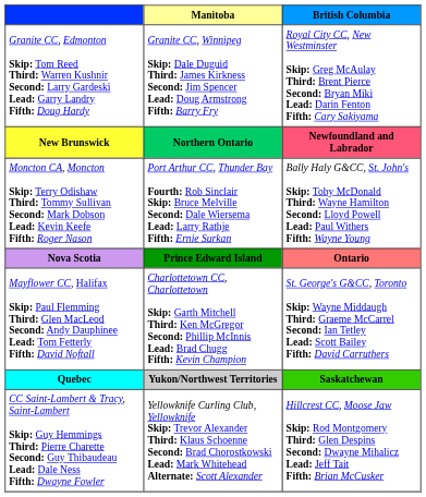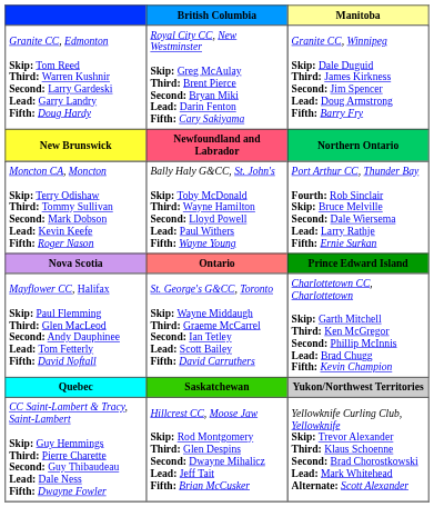 <table border=1 cellpadding=5 cellspacing=0>
 <tr>
 <th bgcolor=#0033ff width=200></th>
+<th bgcolor=#0099ff width=200>British Columbia</th>
 <th bgcolor=#ffff99 width=200>Manitoba</th>
-<th bgcolor=#0099ff width=200>British Columbia</th>
 </tr>
 <tr>
 <td><em><a href='#'>Granite CC</a>, <a href='#'>Edmonton</a></em><br><br><strong>Skip:</strong> <a href='#'>Tom Reed</a> <br> <strong>Third:</strong> <a href='#'>Warren Kushnir</a> <br> <strong>Second:</strong> <a href='#'>Larry Gardeski</a> <br> <strong>Lead:</strong> <a href='#'>Garry Landry</a> <br> <strong>Fifth:</strong> <em><a href='#'>Doug Hardy</a></em></td>
+<td align=left><em><a href='#'>Royal City CC</a>, <a href='#'>New Westminster</a></em><br><br><strong>Skip:</strong> <a href='#'>Greg McAulay</a><br> <strong>Third:</strong> <a href='#'>Brent Pierce</a><br> <strong>Second:</strong> <a href='#'>Bryan Miki</a><br> <strong>Lead:</strong> <a href='#'>Darin Fenton</a><br> <strong>Fifth:</strong> <em><a href='#'>Cary Sakiyama</a></em></td>
 <td><em><a href='#'>Granite CC</a>, <a href='#'>Winnipeg</a></em><br><br><strong>Skip:</strong> <a href='#'>Dale Duguid</a> <br> <strong>Third:</strong> <a href='#'>James Kirkness</a> <br> <strong>Second:</strong> <a href='#'>Jim Spencer</a> <br> <strong>Lead:</strong> <a href='#'>Doug Armstrong</a> <br> <strong>Fifth:</strong> <em><a href='#'>Barry Fry</a></em></td>
-<td align=left><em><a href='#'>Royal City CC</a>, <a href='#'>New Westminster</a></em><br><br><strong>Skip:</strong> <a href='#'>Greg McAulay</a><br> <strong>Third:</strong> <a href='#'>Brent Pierce</a><br> <strong>Second:</strong> <a href='#'>Bryan Miki</a><br> <strong>Lead:</strong> <a href='#'>Darin Fenton</a><br> <strong>Fifth:</strong> <em><a href='#'>Cary Sakiyama</a></em></td>
 </tr>
 <tr border=1 cellpadding=5 cellspacing=0>
 <th bgcolor=#ffff33 width=200>New Brunswick</th>
+<th bgcolor=#ff5577 width=200>Newfoundland and Labrador</th>
 <th bgcolor=#00CC66 width=200>Northern Ontario</th>
-<th bgcolor=#ff5577 width=200>Newfoundland and Labrador</th>
 </tr>
 <tr>
 <td><em><a href='#'>Moncton CA</a>, <a href='#'>Moncton</a></em><br><br><strong>Skip:</strong> <a href='#'>Terry Odishaw</a><br> <strong>Third:</strong> <a href='#'>Tommy Sullivan</a><br> <strong>Second:</strong> <a href='#'>Mark Dobson</a><br> <strong>Lead:</strong> <a href='#'>Kevin Keefe</a><br> <strong>Fifth:</strong> <em><a href='#'>Roger Nason</a></em></td>
+<td><em>Bally Haly G&CC, <a href='#'>St. John's</a></em><br><br><strong>Skip:</strong> <a href='#'>Toby McDonald</a><br>    <strong>Third:</strong> <a href='#'>Wayne Hamilton</a><br> <strong>Second:</strong> <a href='#'>Lloyd Powell</a><br> <strong>Lead:</strong> <a href='#'>Paul Withers</a><br> <strong>Fifth:</strong> <em><a href='#'>Wayne Young</a></em></td>
 <td><em><a href='#'>Port Arthur CC</a>, <a href='#'>Thunder Bay</a></em><br><br><strong>Fourth:</strong> <a href='#'>Rob Sinclair</a><br> <strong>Skip:</strong> <a href='#'>Bruce Melville</a><br>    <strong>Second:</strong> <a href='#'>Dale Wiersema</a><br> <strong>Lead:</strong> <a href='#'>Larry Rathje</a><br> <strong>Fifth:</strong> <em><a href='#'>Ernie Surkan</a></em></td>
-<td><em>Bally Haly G&CC, <a href='#'>St. John's</a></em><br><br><strong>Skip:</strong> <a href='#'>Toby McDonald</a><br>    <strong>Third:</strong> <a href='#'>Wayne Hamilton</a><br> <strong>Second:</strong> <a href='#'>Lloyd Powell</a><br> <strong>Lead:</strong> <a href='#'>Paul Withers</a><br> <strong>Fifth:</strong> <em><a href='#'>Wayne Young</a></em></td>
 </tr>
 <tr border=1 cellpadding=5 cellspacing=0>
 <th bgcolor=#cc99ee width=200>Nova Scotia</th>
+<th bgcolor=#ff7777 width=200>Ontario</th>
 <th bgcolor=#009900 width=200>Prince Edward Island</th>
-<th bgcolor=#ff7777 width=200>Ontario</th>
 </tr>
 <tr>
 <td><em><a href='#'>Mayflower CC</a></em>, <a href='#'>Halifax</a><br><br><strong>Skip:</strong> <a href='#'>Paul Flemming</a><br> <strong>Third:</strong> <a href='#'>Glen MacLeod</a><br> <strong>Second:</strong> <a href='#'>Andy Dauphinee</a><br> <strong>Lead:</strong> <a href='#'>Tom Fetterly</a><br> <strong>Fifth:</strong> <em><a href='#'>David Noftall</a></em></td>
+<td><em><a href='#'>St. George's G&CC</a>, <a href='#'>Toronto</a></em><br><br><strong>Skip:</strong> <a href='#'>Wayne Middaugh</a> <br> <strong>Third:</strong> <a href='#'>Graeme McCarrel</a> <br> <strong>Second:</strong> <a href='#'>Ian Tetley</a> <br> <strong>Lead:</strong> <a href='#'>Scott Bailey</a><br> <strong>Fifth:</strong> <em><a href='#'>David Carruthers</a></em></td>
 <td><em><a href='#'>Charlottetown CC</a>, <a href='#'>Charlottetown</a></em><br><br><strong>Skip:</strong> <a href='#'>Garth Mitchell</a> <br> <strong>Third:</strong> <a href='#'>Ken McGregor</a><br> <strong>Second:</strong> <a href='#'>Phillip McInnis</a><br> <strong>Lead:</strong> <a href='#'>Brad Chugg</a><br> <strong>Fifth:</strong> <em><a href='#'>Kevin Champion</a></em></td>
-<td><em><a href='#'>St. George's G&CC</a>, <a href='#'>Toronto</a></em><br><br><strong>Skip:</strong> <a href='#'>Wayne Middaugh</a> <br> <strong>Third:</strong> <a href='#'>Graeme McCarrel</a> <br> <strong>Second:</strong> <a href='#'>Ian Tetley</a> <br> <strong>Lead:</strong> <a href='#'>Scott Bailey</a><br> <strong>Fifth:</strong> <em><a href='#'>David Carruthers</a></em></td>
 </tr>
 <tr border=1 cellpadding=5 cellspacing=0>
 <th bgcolor=#00ffff width=200>Quebec</th>
+<th bgcolor=#33cc00 width=200>Saskatchewan</th>
 <th bgcolor=#cccccc width=200>Yukon/Northwest Territories</th>
-<th bgcolor=#33cc00 width=200>Saskatchewan</th>
 </tr>
 <tr>
 <td><em><a href='#'>CC Saint-Lambert & Tracy</a>, <a href='#'>Saint-Lambert</a> </em><br><br><strong>Skip:</strong> <a href='#'>Guy Hemmings</a> <br> <strong>Third:</strong> <a href='#'>Pierre Charette</a> <br> <strong>Second:</strong> <a href='#'>Guy Thibaudeau</a> <br> <strong>Lead:</strong> <a href='#'>Dale Ness</a> <br> <strong>Fifth:</strong> <em><a href='#'>Dwayne Fowler</a></em></td>
+<td><em><a href='#'>Hillcrest CC</a>, <a href='#'>Moose Jaw</a></em><br><br><strong>Skip:</strong> <a href='#'>Rod Montgomery</a><br> <strong>Third:</strong> <a href='#'>Glen Despins</a><br> <strong>Second:</strong> <a href='#'>Dwayne Mihalicz</a><br> <strong>Lead:</strong> <a href='#'>Jeff Tait</a><br> <strong>Fifth:</strong> <em><a href='#'>Brian McCusker</a></em></td>
 <td><em>Yellowknife Curling Club, <a href='#'>Yellowknife</a></em><br><strong>Skip:</strong> <a href='#'>Trevor Alexander</a> <br> <strong>Third:</strong> <a href='#'>Klaus Schoenne</a> <br> <strong>Second:</strong> <a href='#'>Brad Chorostkowski</a> <br> <strong>Lead:</strong> <a href='#'>Mark Whitehead</a> <br> <strong>Alternate:</strong> <em><a href='#'>Scott Alexander</a></em></td>
-<td><em><a href='#'>Hillcrest CC</a>, <a href='#'>Moose Jaw</a></em><br><br><strong>Skip:</strong> <a href='#'>Rod Montgomery</a><br> <strong>Third:</strong> <a href='#'>Glen Despins</a><br> <strong>Second:</strong> <a href='#'>Dwayne Mihalicz</a><br> <strong>Lead:</strong> <a href='#'>Jeff Tait</a><br> <strong>Fifth:</strong> <em><a href='#'>Brian McCusker</a></em></td>
 </tr>
 </table>
